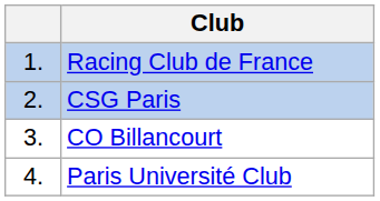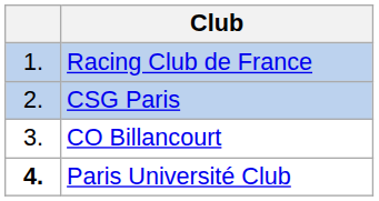 <table class="wikitable">
 <tr>
 <th width="30"></th>
 <th width="200">Club</th>
 </tr>
 <tr bgcolor="#BCD2EE" align="center">
 <td>1.</td>
 <td align="left"><a href='#'>Racing Club de France</a></td>
 </tr>
 <tr bgcolor="#BCD2EE" align="center">
 <td>2.</td>
 <td align="left"><a href='#'>CSG Paris</a></td>
 </tr>
 <tr bgcolor="#FFFFFF" align="center">
 <td>3.</td>
 <td align="left"><a href='#'>CO Billancourt</a></td>
 </tr>
 <tr bgcolor="#FFFFFF" align="center">
-<td>4.</td>
+<td><strong>4.</strong></td>
 <td align="left"><a href='#'>Paris Université Club</a></td>
 </tr>
 </table>
